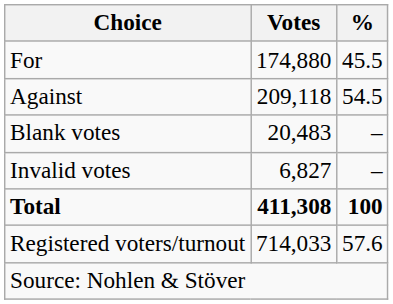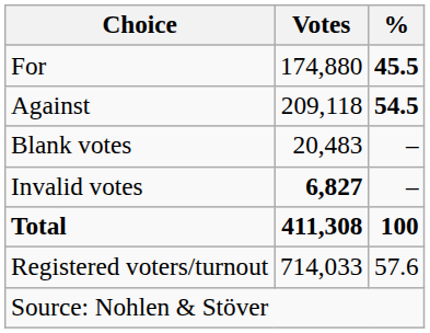 <table class=wikitable style=text-align:right>
 <tr>
 <th>Choice</th>
 <th>Votes</th>
 <th>%</th>
 </tr>
 <tr>
 <td align=left>For</td>
 <td>174,880</td>
-<td>45.5</td>
+<td><strong>45.5</strong></td>
 </tr>
 <tr>
 <td align=left>Against</td>
 <td>209,118</td>
-<td>54.5</td>
+<td><strong>54.5</strong></td>
 </tr>
 <tr>
 <td align=left>Blank votes</td>
 <td>20,483</td>
 <td>–</td>
 </tr>
 <tr>
 <td align=left>Invalid votes</td>
-<td>6,827</td>
+<td><strong>6,827</strong></td>
 <td>–</td>
 </tr>
 <tr>
 <td align=left><strong>Total</strong></td>
 <td><strong>411,308</strong></td>
 <td><strong>100</strong></td>
 </tr>
 <tr>
 <td align=left>Registered voters/turnout</td>
 <td>714,033</td>
 <td>57.6</td>
 </tr>
 <tr>
 <td align=left colspan=3>Source: Nohlen & Stöver</td>
 </tr>
 </table>
